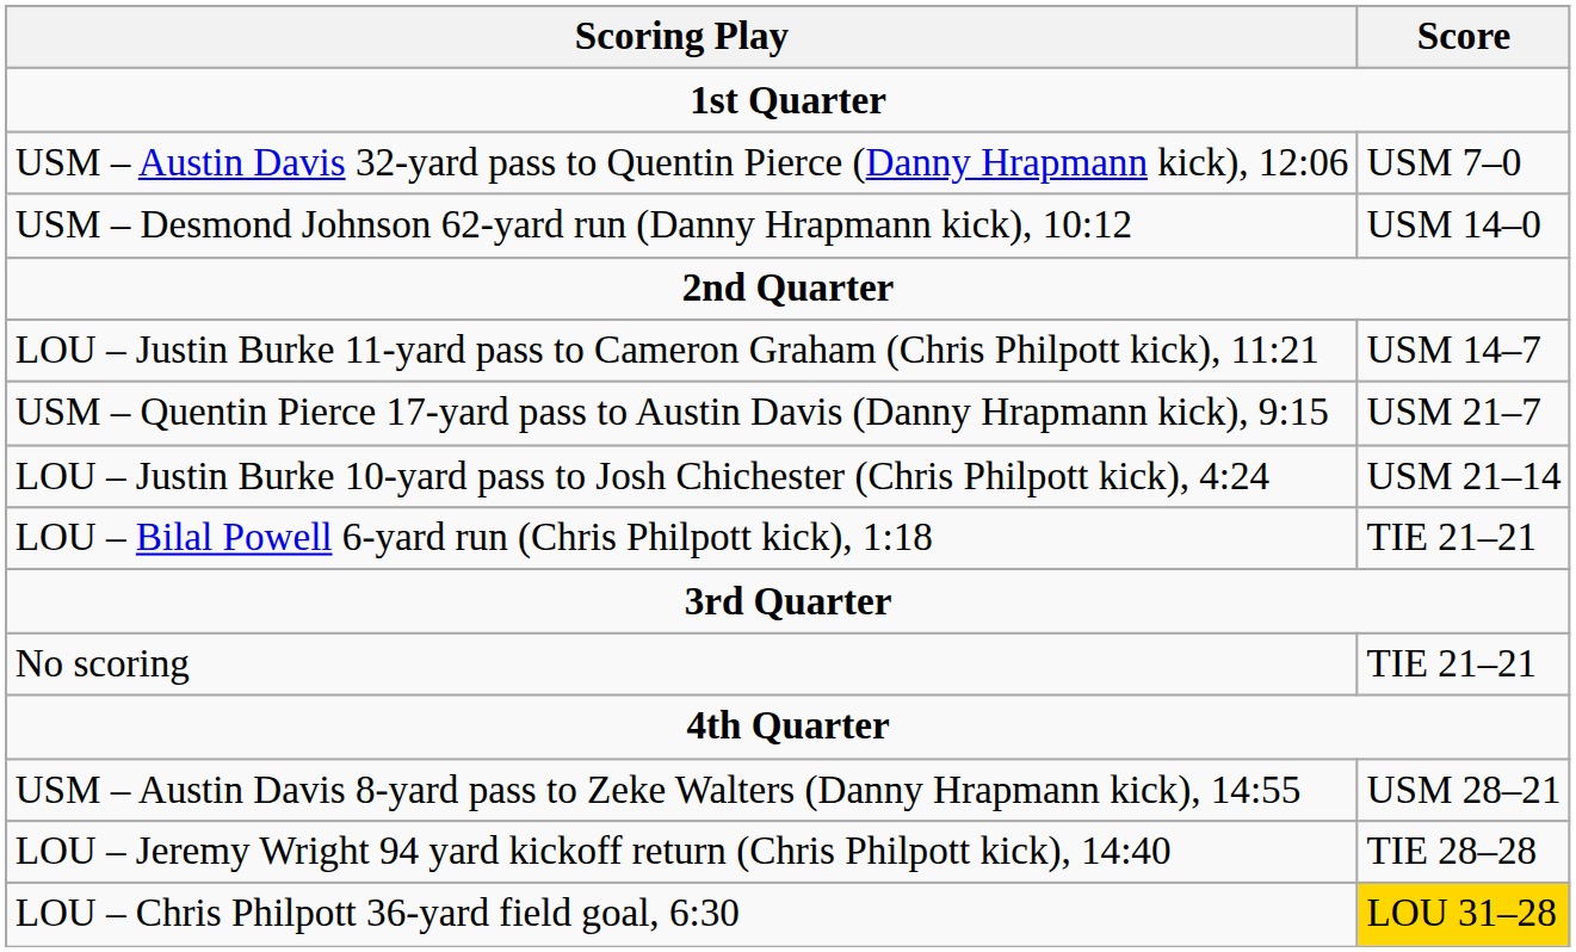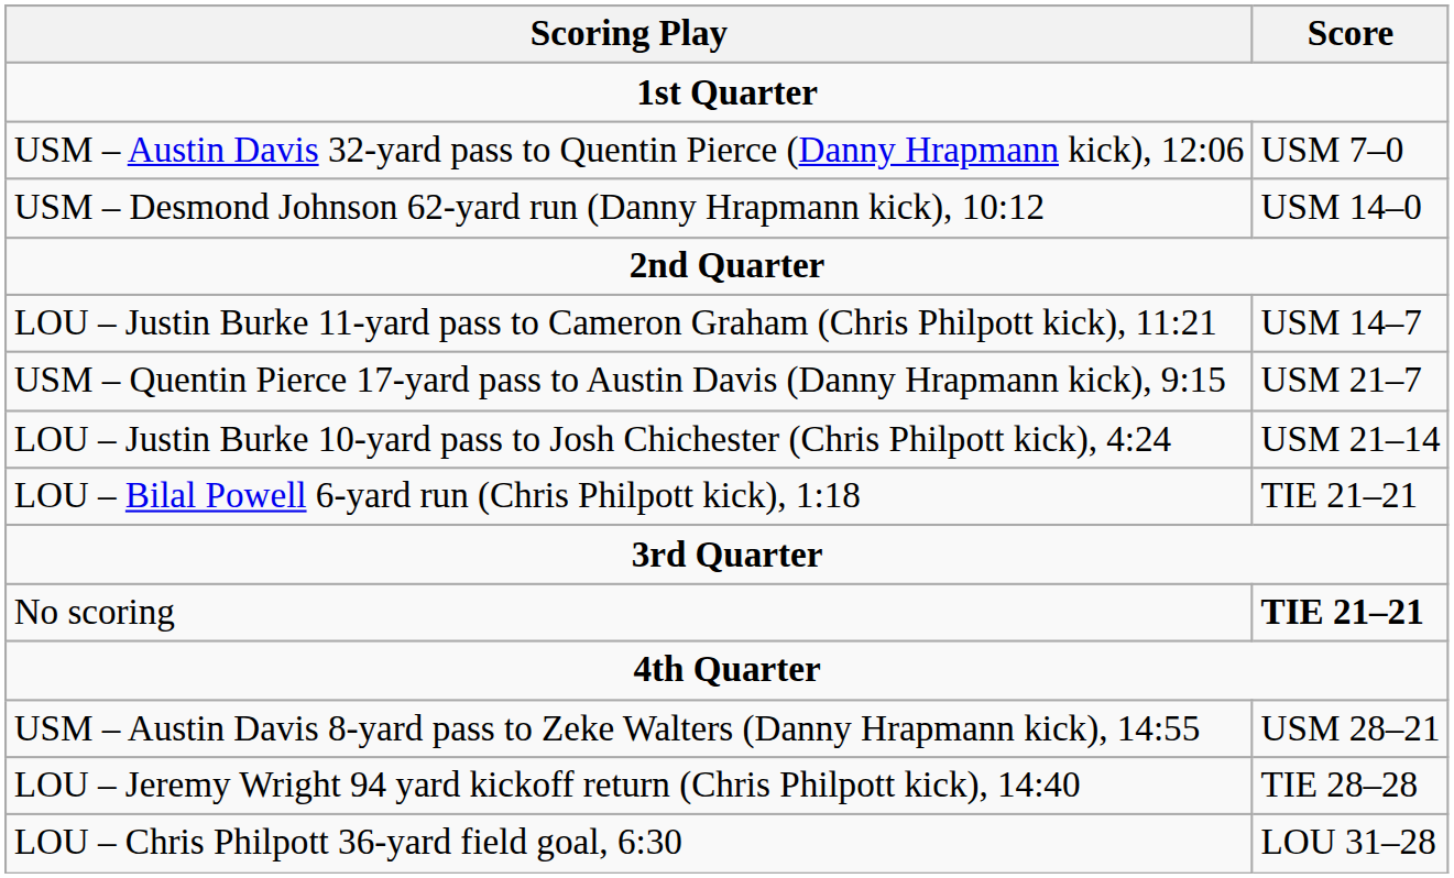 <table class="wikitable">
 <tr>
 <th>Scoring Play</th>
 <th>Score</th>
 </tr>
 <tr>
 <td colspan="4" align="center"><strong>1st Quarter</strong></td>
 </tr>
 <tr>
 <td>USM – <a href='#'>Austin Davis</a> 32-yard pass to Quentin Pierce (<a href='#'>Danny Hrapmann</a> kick), 12:06</td>
 <td>USM 7–0</td>
 </tr>
 <tr>
 <td>USM – Desmond Johnson 62-yard run (Danny Hrapmann kick), 10:12</td>
 <td>USM 14–0</td>
 </tr>
 <tr>
 <td colspan="4" align="center"><strong>2nd Quarter</strong></td>
 </tr>
 <tr>
 <td>LOU – Justin Burke 11-yard pass to Cameron Graham (Chris Philpott kick), 11:21</td>
 <td>USM 14–7</td>
 </tr>
 <tr>
 <td>USM – Quentin Pierce 17-yard pass to Austin Davis (Danny Hrapmann kick), 9:15</td>
 <td>USM 21–7</td>
 </tr>
 <tr>
 <td>LOU – Justin Burke 10-yard pass to Josh Chichester (Chris Philpott kick), 4:24</td>
 <td>USM 21–14</td>
 </tr>
 <tr>
 <td>LOU – <a href='#'>Bilal Powell</a> 6-yard run (Chris Philpott kick), 1:18</td>
 <td>TIE 21–21</td>
 </tr>
 <tr>
 <td colspan="4" align="center"><strong>3rd Quarter</strong></td>
 </tr>
 <tr>
 <td>No scoring</td>
-<td>TIE 21–21</td>
+<td><strong>TIE 21–21</strong></td>
 </tr>
 <tr>
 <td colspan="4" align="center"><strong>4th Quarter</strong></td>
 </tr>
 <tr>
 <td>USM – Austin Davis 8-yard pass to Zeke Walters (Danny Hrapmann kick), 14:55</td>
 <td>USM 28–21</td>
 </tr>
 <tr>
 <td>LOU – Jeremy Wright 94 yard kickoff return (Chris Philpott kick), 14:40</td>
 <td>TIE 28–28</td>
 </tr>
 <tr>
 <td>LOU – Chris Philpott 36-yard field goal, 6:30</td>
-<td style="background: gold;">LOU 31–28</td>
+<td>LOU 31–28</td>
 </tr>
 </table>
